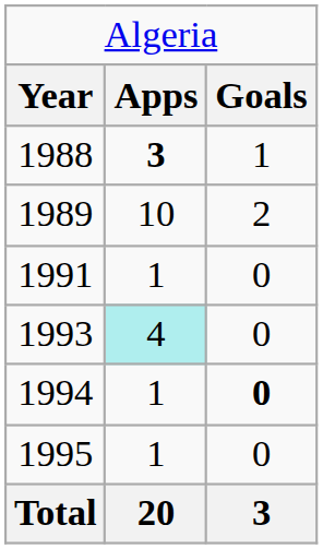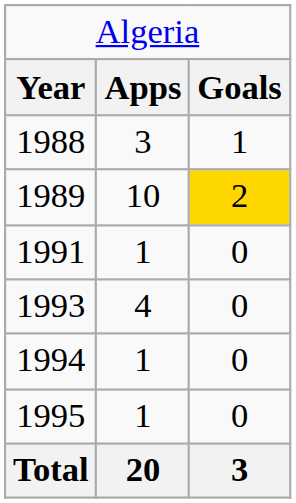 <table class="wikitable" style="text-align:center">
 <tr>
 <td colspan="3"><a href='#'>Algeria</a></td>
 </tr>
 <tr>
 <th>Year</th>
 <th>Apps</th>
 <th>Goals</th>
 </tr>
 <tr>
 <td>1988</td>
-<td><strong>3</strong></td>
+<td>3</td>
 <td>1</td>
 </tr>
 <tr>
 <td>1989</td>
 <td>10</td>
-<td>2</td>
+<td style="background: gold;">2</td>
 </tr>
 <tr>
 <td>1991</td>
 <td>1</td>
 <td>0</td>
 </tr>
 <tr>
 <td>1993</td>
-<td style="background: paleturquoise;">4</td>
+<td>4</td>
 <td>0</td>
 </tr>
 <tr>
 <td>1994</td>
 <td>1</td>
-<td><strong>0</strong></td>
+<td>0</td>
 </tr>
 <tr>
 <td>1995</td>
 <td>1</td>
 <td>0</td>
 </tr>
 <tr>
 <th>Total</th>
 <th>20</th>
 <th>3</th>
 </tr>
 </table>
